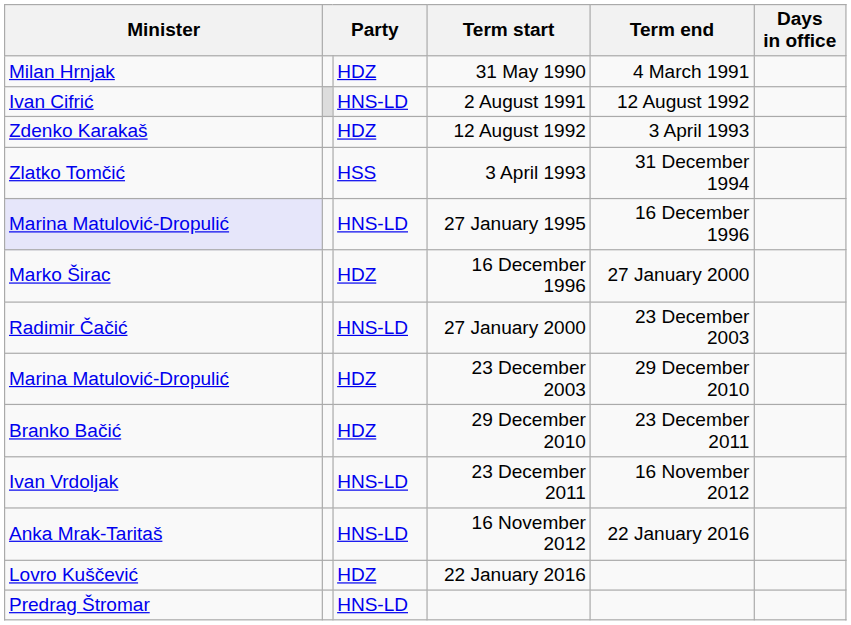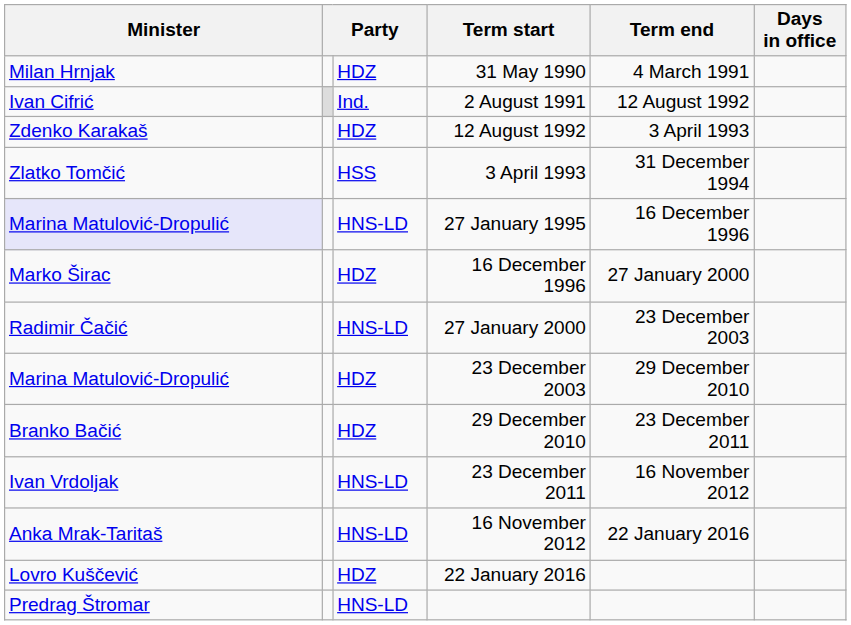 <table class="wikitable" style="text-align: left;">
 <tr>
 <th width="260">Minister</th>
 <th colspan=2 width="80">Party</th>
 <th width="130">Term start</th>
 <th width="130">Term end</th>
 <th width=70>Days<br> in office</th>
 </tr>
 <tr>
 <td><a href='#'>Milan Hrnjak</a> </td>
 <td style="background-color: "></td>
 <td><a href='#'>HDZ</a></td>
 <td align=right>31 May 1990</td>
 <td align=right>4 March 1991</td>
 <td align=right></td>
 </tr>
 <tr>
 <td><a href='#'>Ivan Cifrić</a> </td>
 <td style="background-color: #DDDDDD" width="1px"></td>
-<td><a href='#'>HNS-LD</a></td>
+<td><a href='#'>Ind.</a></td>
 <td align=right>2 August 1991</td>
 <td align=right>12 August 1992</td>
 <td align=right></td>
 </tr>
 <tr>
 <td><a href='#'>Zdenko Karakaš</a> </td>
 <td style="background-color: "></td>
 <td><a href='#'>HDZ</a></td>
 <td align=right>12 August 1992</td>
 <td align=right>3 April 1993</td>
 <td align=right></td>
 </tr>
 <tr>
 <td><a href='#'>Zlatko Tomčić</a> </td>
 <td style="background-color: "></td>
 <td><a href='#'>HSS</a></td>
 <td align=right>3 April 1993</td>
 <td align=right>31 December 1994</td>
 <td align=right></td>
 </tr>
 <tr>
 <td style="background: lavender;"><a href='#'>Marina Matulović-Dropulić</a> </td>
 <td style="background-color: "></td>
 <td><a href='#'>HNS-LD</a></td>
 <td align=right>27 January 1995</td>
 <td align=right>16 December 1996</td>
 <td align=right></td>
 </tr>
 <tr>
 <td><a href='#'>Marko Širac</a> </td>
 <td style="background-color: "></td>
 <td><a href='#'>HDZ</a></td>
 <td align=right>16 December 1996</td>
 <td align=right>27 January 2000</td>
 <td align=right></td>
 </tr>
 <tr>
 <td><a href='#'>Radimir Čačić</a> </td>
 <td style="background-color: "></td>
 <td><a href='#'>HNS-LD</a></td>
 <td align=right>27 January 2000</td>
 <td align=right>23 December 2003</td>
 <td align=right></td>
 </tr>
 <tr>
 <td><a href='#'>Marina Matulović-Dropulić</a>  </td>
 <td style="background-color: "></td>
 <td><a href='#'>HDZ</a></td>
 <td align=right>23 December 2003</td>
 <td align=right>29 December 2010</td>
 <td align=right></td>
 </tr>
 <tr>
 <td><a href='#'>Branko Bačić</a> </td>
 <td style="background-color: "></td>
 <td><a href='#'>HDZ</a></td>
 <td align=right>29 December 2010</td>
 <td align=right>23 December 2011</td>
 <td align=right></td>
 </tr>
 <tr>
 <td><a href='#'>Ivan Vrdoljak</a></td>
 <td style="background-color: "></td>
 <td><a href='#'>HNS-LD</a></td>
 <td align=right>23 December 2011</td>
 <td align=right>16 November 2012</td>
 <td align=right></td>
 </tr>
 <tr>
 <td><a href='#'>Anka Mrak-Taritaš</a></td>
 <td style="background-color: "></td>
 <td><a href='#'>HNS-LD</a></td>
 <td align=right>16 November 2012</td>
 <td align=right>22 January 2016</td>
 <td align=right></td>
 </tr>
 <tr>
 <td><a href='#'>Lovro Kuščević</a></td>
 <td style="background-color: "></td>
 <td><a href='#'>HDZ</a></td>
 <td align=right>22 January 2016</td>
 <td align=right></td>
 <td align=right></td>
 </tr>
 <tr>
 <td><a href='#'>Predrag Štromar</a></td>
 <td style="background-color: "></td>
 <td><a href='#'>HNS-LD</a></td>
 <td align=right></td>
 <td align=right></td>
 <td align=right></td>
 </tr>
 </table>
